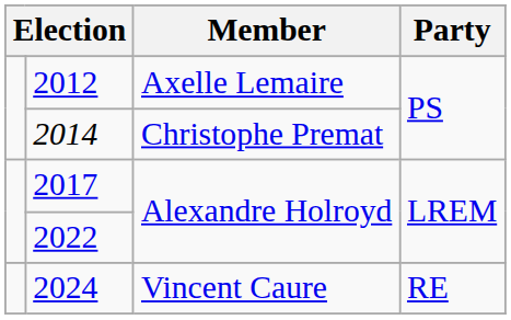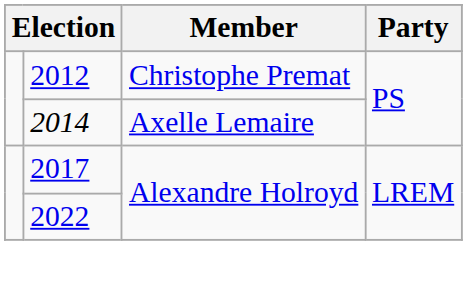 <table class="wikitable">
 <tr>
 <th colspan="2">Election</th>
 <th>Member</th>
 <th>Party</th>
 </tr>
 <tr>
 <td rowspan="2" style="color:inherit;background-color: "></td>
 <td><a href='#'>2012</a></td>
-<td><a href='#'>Axelle Lemaire</a></td>
+<td><a href='#'>Christophe Premat</a></td>
 <td rowspan="2"><a href='#'>PS</a></td>
 </tr>
 <tr>
 <td><em>2014</em></td>
-<td><a href='#'>Christophe Premat</a></td>
+<td><a href='#'>Axelle Lemaire</a></td>
 </tr>
 <tr>
 <td rowspan="2" style="color:inherit;background-color: "></td>
 <td><a href='#'>2017</a></td>
 <td rowspan="2"><a href='#'>Alexandre Holroyd</a></td>
 <td rowspan="2"><a href='#'>LREM</a></td>
 </tr>
 <tr>
 <td><a href='#'>2022</a></td>
 </tr>
-<tr>
-<td style="color:inherit;background-color: "></td>
-<td><a href='#'>2024</a></td>
-<td><a href='#'>Vincent Caure</a></td>
-<td><a href='#'>RE</a></td>
-</tr>
 </table>
